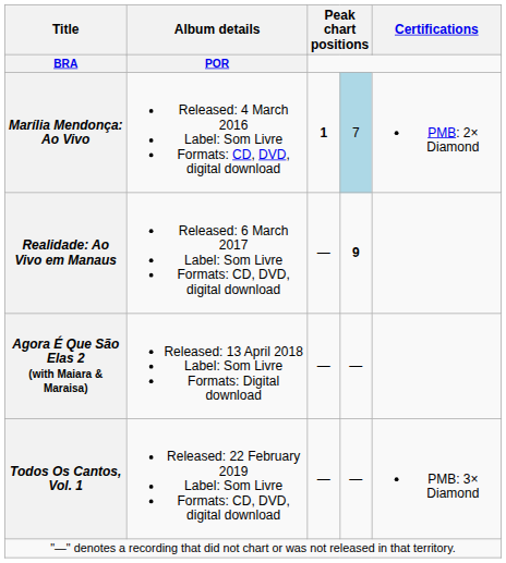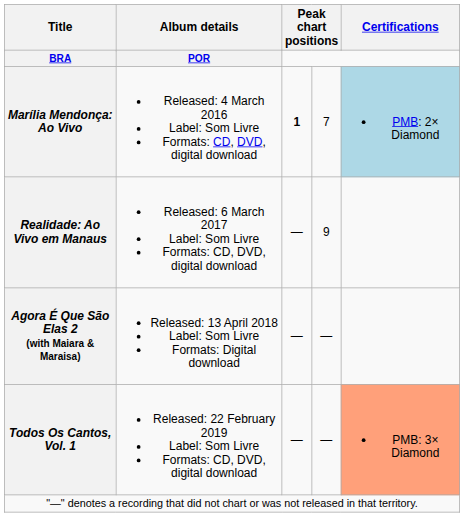 <table class="wikitable plainrowheaders" style="text-align:center;">
 <tr>
 <th scope="col" rowspan="2" style="width:12em;">Title</th>
 <th scope="col" rowspan="2" style="width:19em;">Album details</th>
 <th scope="col" colspan="2">Peak chart positions</th>
 <th scope="col" rowspan="2" style="width:12em;"><a href='#'>Certifications</a></th>
 </tr>
 <tr>
 </tr>
 <tr>
 <th scope="col" style="width:3em;font-size:85%;"><a href='#'>BRA</a><br></th>
 <th scope="col" style="width:3em;font-size:85%;"><a href='#'>POR</a><br></th>
 </tr>
 <tr>
 <th scope="row"><em>Marília Mendonça: Ao Vivo</em></th>
 <td><br><ul><li>Released: 4 March 2016</li><li>Label: Som Livre</li><li>Formats: <a href='#'>CD</a>, <a href='#'>DVD</a>, digital download</li></ul></td>
 <td><strong>1</strong></td>
-<td style="background: lightblue;">7</td>
-<td><br><ul><li><a href='#'>PMB</a>: 2× Diamond</li></ul></td>
+<td>7</td>
+<td style="background: lightblue;"><br><ul><li><a href='#'>PMB</a>: 2× Diamond</li></ul></td>
 </tr>
 <tr>
 <th scope="row"><em>Realidade: Ao Vivo em Manaus</em></th>
 <td><br><ul><li>Released: 6 March 2017</li><li>Label: Som Livre</li><li>Formats: CD, DVD, digital download</li></ul></td>
 <td>—</td>
-<td><strong>9</strong></td>
+<td>9</td>
 <td></td>
 </tr>
 <tr>
 <th scope="row"><em>Agora É Que São Elas 2</em><br><small>(with Maiara & Maraisa)</small></th>
 <td><br><ul><li>Released: 13 April 2018</li><li>Label: Som Livre</li><li>Formats: Digital download</li></ul></td>
 <td>—</td>
 <td>—</td>
 <td></td>
 </tr>
 <tr>
 <th scope="row"><em>Todos Os Cantos, Vol. 1</em></th>
 <td><br><ul><li>Released: 22 February 2019</li><li>Label: Som Livre</li><li>Formats: CD, DVD, digital download</li></ul></td>
 <td>—</td>
 <td>—</td>
-<td><br><ul><li>PMB: 3× Diamond</li></ul></td>
+<td style="background: lightsalmon;"><br><ul><li>PMB: 3× Diamond</li></ul></td>
 </tr>
 <tr>
 <td colspan="15" style="font-size:90%">"—" denotes a recording that did not chart or was not released in that territory.</td>
 </tr>
 </table>
